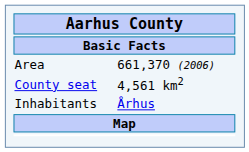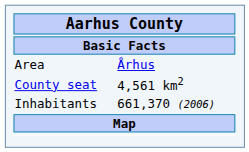 <table colspan="4" width=250 style="border: 1px solid #6688AA; background-color:#f0f6fa; margin:0.5em; padding:0.5em; float:right" valign="top" |>
 <tr>
 <td style="border: 1px solid #1188AA; background-color:#c0ccfa" align="center" colspan="2"><big><strong>Aarhus County</strong></big><br></td>
 </tr>
 <tr>
 <td style="border: 1px solid #1188AA; background-color:#c0ccfa" align="center" colspan="2"><strong>Basic Facts</strong></td>
 </tr>
 <tr>
 <td>Area</td>
-<td>661,370 <small><em>(2006)</em></small></td>
+<td><a href='#'>Århus</a></td>
 </tr>
 <tr>
 <td><a href='#'>County seat</a></td>
 <td>4,561 km<sup>2</sup></td>
 </tr>
 <tr>
 <td>Inhabitants</td>
-<td><a href='#'>Århus</a></td>
+<td>661,370 <small><em>(2006)</em></small></td>
 </tr>
 <tr>
 <td style="border: 1px solid #1188AA; background-color:#c0ccfa" align="center" colspan="2"><strong>Map</strong></td>
 </tr>
 <tr>
 <td bgcolor=#FFFFFF align="center" colspan="2"></td>
 </tr>
 <tr>
 </tr>
 </table>
